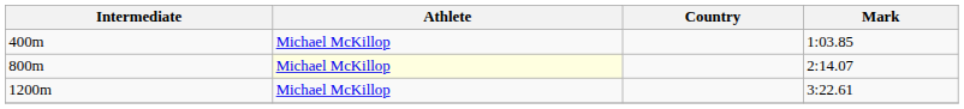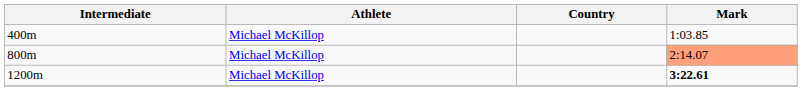 <table class="wikitable" width=50%>
 <tr>
 <th>Intermediate</th>
 <th>Athlete</th>
 <th>Country</th>
 <th>Mark</th>
 </tr>
 <tr>
 <td>400m</td>
 <td><a href='#'>Michael McKillop</a></td>
 <td></td>
 <td>1:03.85</td>
 </tr>
 <tr>
 <td>800m</td>
-<td style="background: lightyellow;"><a href='#'>Michael McKillop</a></td>
+<td><a href='#'>Michael McKillop</a></td>
 <td></td>
-<td>2:14.07</td>
+<td style="background: lightsalmon;">2:14.07</td>
 </tr>
 <tr>
 <td>1200m</td>
 <td><a href='#'>Michael McKillop</a></td>
 <td></td>
-<td>3:22.61</td>
+<td><strong>3:22.61</strong></td>
 </tr>
 <tr>
 </tr>
 </table>
